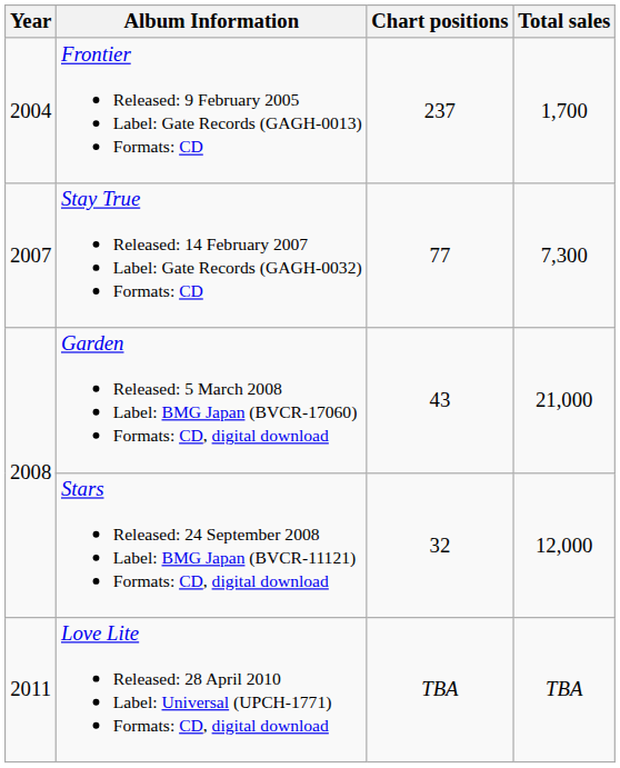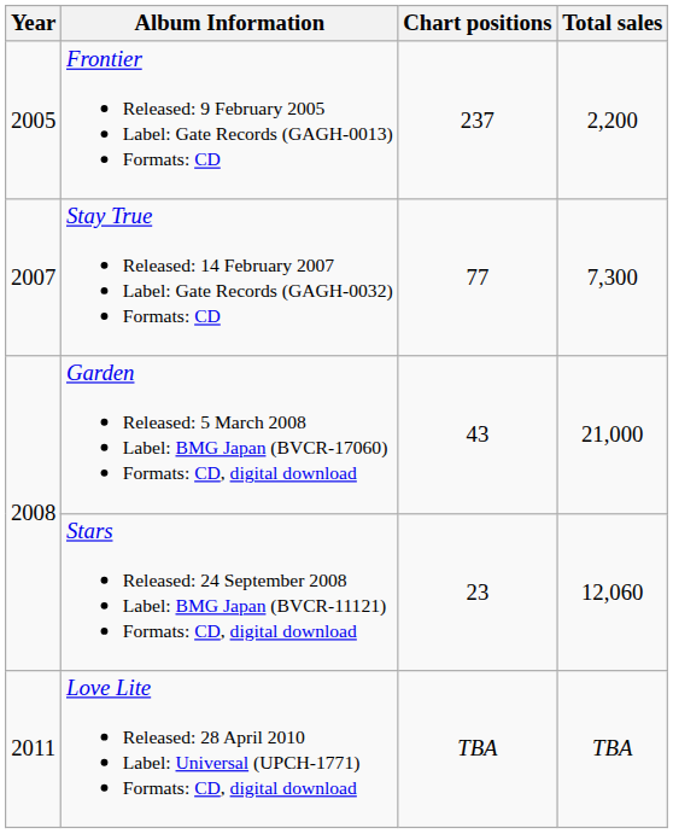 <table class="wikitable">
 <tr>
 <th rowspan="1">Year</th>
 <th rowspan="1">Album Information</th>
 <th colspan="1">Chart positions</th>
 <th colspan="1">Total sales</th>
 </tr>
 <tr>
-<td align="center">2004</td>
+<td align="center">2005</td>
 <td><em><a href='#'>Frontier</a></em><br><ul><li><small>Released: 9 February 2005</small></li><li><small>Label: Gate Records (GAGH-0013)</small></li><li><small>Formats: <a href='#'>CD</a></small></li></ul></td>
 <td align="center">237</td>
-<td align="center">1,700</td>
+<td align="center">2,200</td>
 </tr>
 <tr>
 <td align="center">2007</td>
 <td><em><a href='#'>Stay True</a></em><br><ul><li><small>Released: 14 February 2007</small></li><li><small>Label: Gate Records (GAGH-0032)</small></li><li><small>Formats: <a href='#'>CD</a></small></li></ul></td>
 <td align="center">77</td>
 <td align="center">7,300</td>
 </tr>
 <tr>
 <td align="center" rowspan="2">2008</td>
 <td><em><a href='#'>Garden</a></em><br><ul><li><small>Released: 5 March 2008</small></li><li><small>Label: <a href='#'>BMG Japan</a> (BVCR-17060)</small></li><li><small>Formats: <a href='#'>CD</a>, <a href='#'>digital download</a></small></li></ul></td>
 <td align="center">43</td>
 <td align="center">21,000</td>
 </tr>
 <tr>
 <td><em><a href='#'>Stars</a></em><br><ul><li><small>Released: 24 September 2008</small></li><li><small>Label: <a href='#'>BMG Japan</a> (BVCR-11121)</small></li><li><small>Formats: <a href='#'>CD</a>, <a href='#'>digital download</a></small></li></ul></td>
-<td align="center">32</td>
-<td align="center">12,000</td>
+<td align="center">23</td>
+<td align="center">12,060</td>
 </tr>
 <tr>
 <td align="center">2011</td>
 <td><em><a href='#'>Love Lite</a></em><br><ul><li><small>Released: 28 April 2010</small></li><li><small>Label: <a href='#'>Universal</a> (UPCH-1771)</small></li><li><small>Formats: <a href='#'>CD</a>, <a href='#'>digital download</a></small></li></ul></td>
 <td align="center"><em>TBA</em></td>
 <td align="center"><em>TBA</em></td>
 </tr>
 </table>
